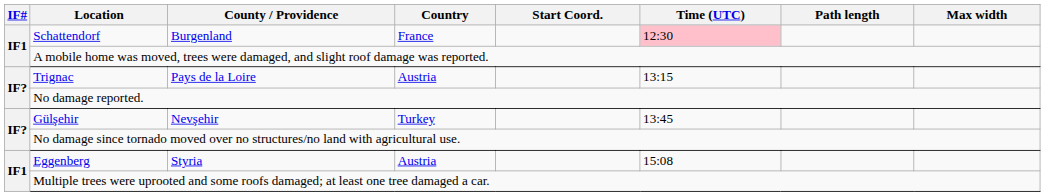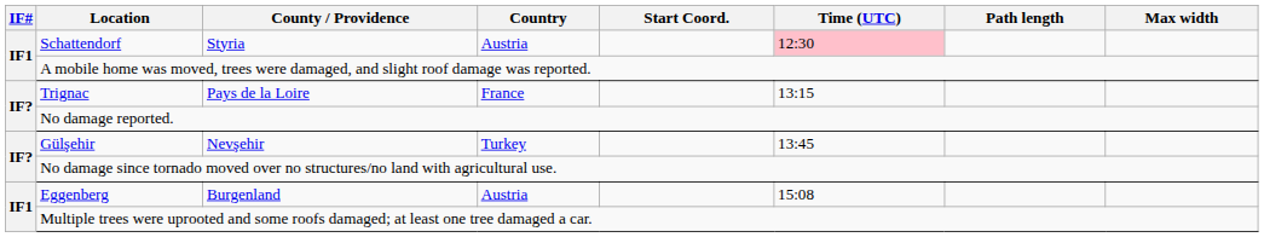 <table class="wikitable sortable" style="width:100%;">
 <tr>
 <th scope="col" width="2%" align="center"><a href='#'>IF#</a></th>
 <th scope="col" align="center" class="unsortable">Location</th>
 <th scope="col" align="center" class="unsortable">County / Providence</th>
 <th scope="col" align="center">Country</th>
 <th scope="col" align="center">Start Coord.</th>
 <th scope="col" align="center">Time (<a href='#'>UTC</a>)</th>
 <th scope="col" align="center">Path length</th>
 <th scope="col" align="center">Max width</th>
 </tr>
 <tr>
 <th scope="row" rowspan="2" style="background-color:#">IF1</th>
 <td><a href='#'>Schattendorf</a></td>
-<td><a href='#'>Burgenland</a></td>
-<td><a href='#'>France</a></td>
+<td><a href='#'>Styria</a></td>
+<td><a href='#'>Austria</a></td>
 <td></td>
 <td style="background: pink;">12:30</td>
 <td></td>
 <td></td>
 </tr>
 <tr class="expand-child">
 <td colspan="8" style=" border-bottom: 1px solid black;">A mobile home was moved, trees were damaged, and slight roof damage was reported.</td>
 </tr>
 <tr>
 <th scope="row" rowspan="2" style="background-color:#">IF?</th>
 <td><a href='#'>Trignac</a></td>
 <td><a href='#'>Pays de la Loire</a></td>
-<td><a href='#'>Austria</a></td>
+<td><a href='#'>France</a></td>
 <td></td>
 <td>13:15</td>
 <td></td>
 <td></td>
 </tr>
 <tr class="expand-child">
 <td colspan="8" style=" border-bottom: 1px solid black;">No damage reported.</td>
 </tr>
 <tr>
 <th scope="row" rowspan="2" style="background-color:#">IF?</th>
 <td><a href='#'>Gülşehir</a></td>
 <td><a href='#'>Nevşehir</a></td>
 <td><a href='#'>Turkey</a></td>
 <td></td>
 <td>13:45</td>
 <td></td>
 <td></td>
 </tr>
 <tr class="expand-child">
 <td colspan="8" style=" border-bottom: 1px solid black;">No damage since tornado moved over no structures/no land with agricultural use.</td>
 </tr>
 <tr>
 <th scope="row" rowspan="2" style="background-color:#">IF1</th>
 <td><a href='#'>Eggenberg</a></td>
-<td><a href='#'>Styria</a></td>
+<td><a href='#'>Burgenland</a></td>
 <td><a href='#'>Austria</a></td>
 <td></td>
 <td>15:08</td>
 <td></td>
 <td></td>
 </tr>
 <tr class="expand-child">
 <td colspan="8" style=" border-bottom: 1px solid black;">Multiple trees were uprooted and some roofs damaged; at least one tree damaged a car.</td>
 </tr>
 </table>
